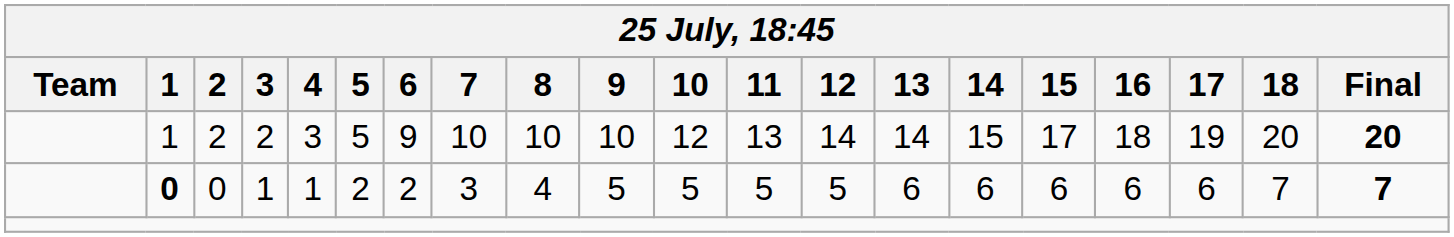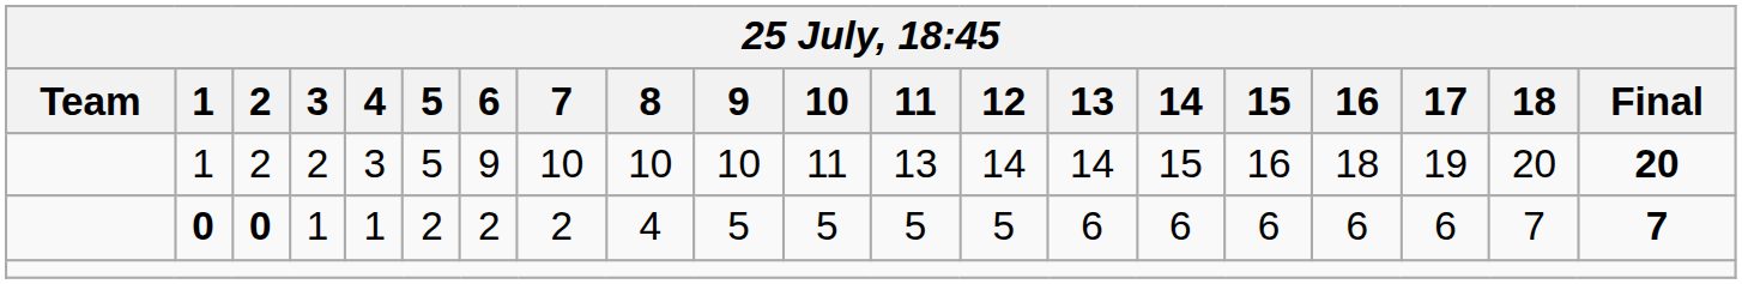 <table class=wikitable style="text-align:center; width: 55%">
 <tr>
 <th colspan=20><em>25 July, 18:45</em></th>
 </tr>
 <tr>
 <th>Team</th>
 <th>1</th>
 <th>2</th>
 <th>3</th>
 <th>4</th>
 <th>5</th>
 <th>6</th>
 <th>7</th>
 <th>8</th>
 <th>9</th>
 <th>10</th>
 <th>11</th>
 <th>12</th>
 <th>13</th>
 <th>14</th>
 <th>15</th>
 <th>16</th>
 <th>17</th>
 <th>18</th>
 <th>Final</th>
 </tr>
 <tr>
 <td align=left><strong></strong></td>
 <td>1</td>
 <td>2</td>
 <td>2</td>
 <td>3</td>
 <td>5</td>
 <td>9</td>
 <td>10</td>
 <td>10</td>
 <td>10</td>
-<td>12</td>
+<td>11</td>
 <td>13</td>
 <td>14</td>
 <td>14</td>
 <td>15</td>
-<td>17</td>
+<td>16</td>
 <td>18</td>
 <td>19</td>
 <td>20</td>
 <td><strong>20</strong></td>
 </tr>
 <tr>
 <td align=left></td>
 <td><strong>0</strong></td>
-<td>0</td>
+<td><strong>0</strong></td>
 <td>1</td>
 <td>1</td>
 <td>2</td>
 <td>2</td>
-<td>3</td>
+<td>2</td>
 <td>4</td>
 <td>5</td>
 <td>5</td>
 <td>5</td>
 <td>5</td>
 <td>6</td>
 <td>6</td>
 <td>6</td>
 <td>6</td>
 <td>6</td>
 <td>7</td>
 <td><strong>7</strong></td>
 </tr>
 <tr>
 <td colspan=20></td>
 </tr>
 </table>
